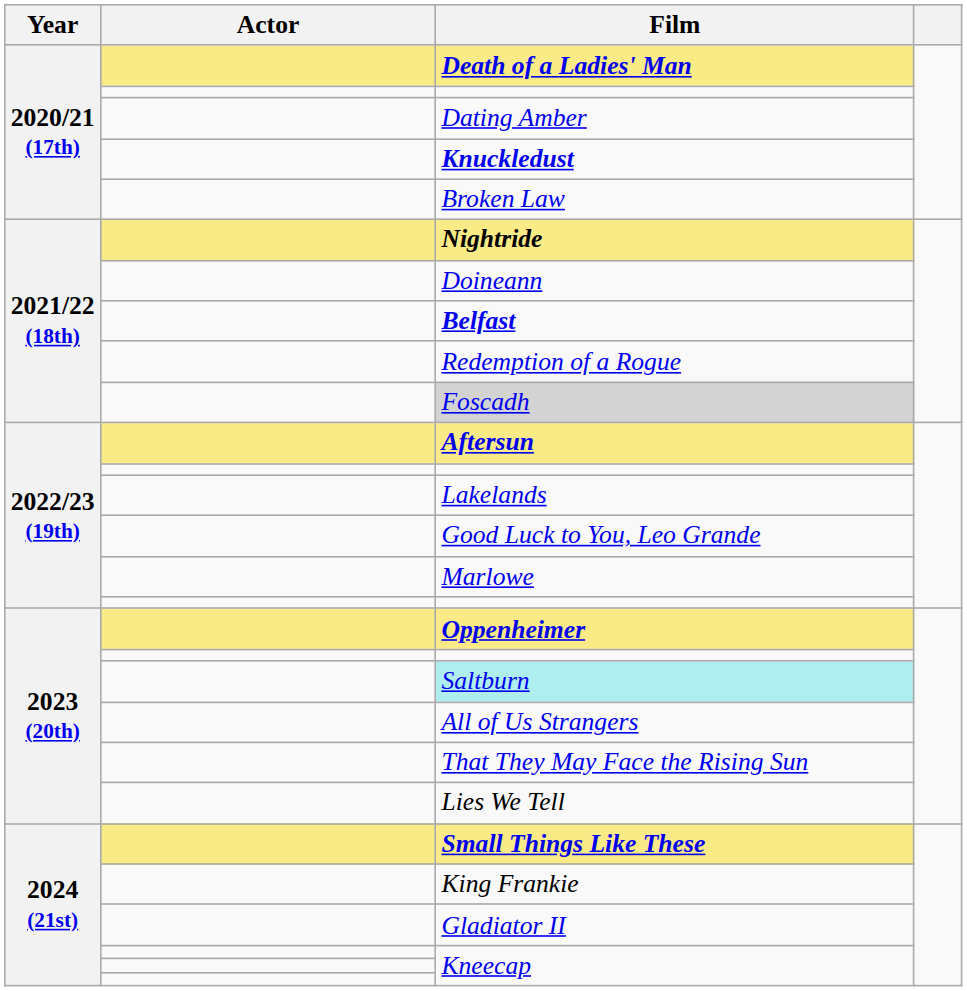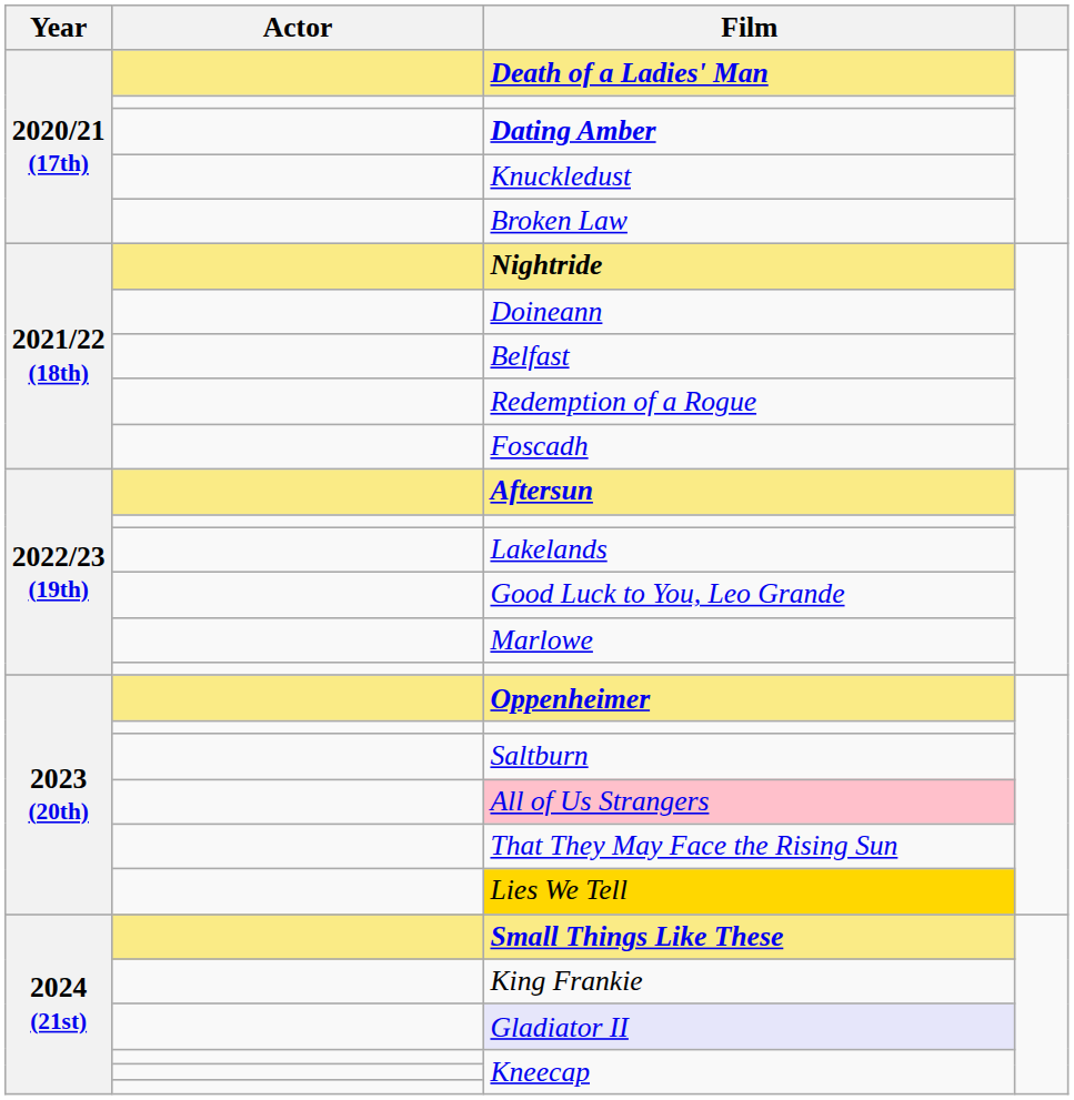 <table class="wikitable sortable">
 <tr>
 <th scope="col" style="width:10%;">Year</th>
 <th scope="col" style="width:35%;">Actor</th>
 <th scope="col" style="width:50%;">Film</th>
 <th scope="col" style="width:5%;" class="unsortable"></th>
 </tr>
 <tr>
 <th scope="row" rowspan=5 style="text-align:center">2020/21<br><small><a href='#'>(17th)</a></small></th>
 <td style="background:#FAEB86;"><strong> </strong></td>
 <td style="background:#FAEB86;"><strong><em><a href='#'>Death of a Ladies' Man</a></em></strong></td>
 <td rowspan=5 style="text-align:center;"></td>
 </tr>
 <tr>
 <td></td>
 <td></td>
 </tr>
 <tr>
 <td></td>
-<td><em><a href='#'>Dating Amber</a></em></td>
+<td><strong><em><a href='#'>Dating Amber</a></em></strong></td>
 </tr>
 <tr>
 <td></td>
-<td><strong><em><a href='#'>Knuckledust</a></em></strong></td>
+<td><em><a href='#'>Knuckledust</a></em></td>
 </tr>
 <tr>
 <td></td>
 <td><em><a href='#'>Broken Law</a></em></td>
 </tr>
 <tr>
 <th scope="row" rowspan=5 style="text-align:center">2021/22<br><small><a href='#'>(18th)</a></small></th>
 <td style="background:#FAEB86;"><strong> </strong></td>
 <td style="background:#FAEB86;"><strong><em>Nightride</em></strong></td>
 <td rowspan=5 style="text-align:center;"></td>
 </tr>
 <tr>
 <td></td>
 <td><em><a href='#'>Doineann</a></em></td>
 </tr>
 <tr>
 <td></td>
-<td><strong><em><a href='#'>Belfast</a></em></strong></td>
+<td><em><a href='#'>Belfast</a></em></td>
 </tr>
 <tr>
 <td></td>
 <td><em><a href='#'>Redemption of a Rogue</a></em></td>
 </tr>
 <tr>
 <td></td>
-<td style="background: lightgrey;"><em><a href='#'>Foscadh</a></em></td>
+<td><em><a href='#'>Foscadh</a></em></td>
 </tr>
 <tr>
 <th scope="row" rowspan=6 style="text-align:center">2022/23<br><small><a href='#'>(19th)</a></small></th>
 <td style="background:#FAEB86;"><strong> </strong></td>
 <td style="background:#FAEB86;"><strong><em><a href='#'>Aftersun</a></em></strong></td>
 <td rowspan=6 style="text-align:center;"></td>
 </tr>
 <tr>
 <td></td>
 <td></td>
 </tr>
 <tr>
 <td></td>
 <td><em><a href='#'>Lakelands</a></em></td>
 </tr>
 <tr>
 <td></td>
 <td><em><a href='#'>Good Luck to You, Leo Grande</a></em></td>
 </tr>
 <tr>
 <td></td>
 <td><em><a href='#'>Marlowe</a></em></td>
 </tr>
 <tr>
 <td></td>
 <td></td>
 </tr>
 <tr>
 <th scope="row" rowspan=6 style="text-align:center">2023<br><small><a href='#'>(20th)</a></small></th>
 <td style="background:#FAEB86;"><strong> </strong></td>
 <td style="background:#FAEB86;"><strong><em><a href='#'>Oppenheimer</a></em></strong></td>
 <td rowspan=6 style="text-align:center;"></td>
 </tr>
 <tr>
 <td></td>
 <td></td>
 </tr>
 <tr>
 <td></td>
-<td style="background: paleturquoise;"><em><a href='#'>Saltburn</a></em></td>
+<td><em><a href='#'>Saltburn</a></em></td>
 </tr>
 <tr>
 <td></td>
-<td><em><a href='#'>All of Us Strangers</a></em></td>
+<td style="background: pink;"><em><a href='#'>All of Us Strangers</a></em></td>
 </tr>
 <tr>
 <td></td>
 <td><em><a href='#'>That They May Face the Rising Sun</a></em></td>
 </tr>
 <tr>
 <td></td>
-<td><em>Lies We Tell</em></td>
+<td style="background: gold;"><em>Lies We Tell</em></td>
 </tr>
 <tr>
 <th scope="row" rowspan=6 style="text-align:center">2024<br><small><a href='#'>(21st)</a></small></th>
 <td style="background:#FAEB86;"><strong> </strong></td>
 <td style="background:#FAEB86;"><strong><em><a href='#'>Small Things Like These</a></em></strong></td>
 <td rowspan=6 style="text-align:center;"></td>
 </tr>
 <tr>
 <td></td>
 <td><em>King Frankie</em></td>
 </tr>
 <tr>
 <td></td>
-<td><em><a href='#'>Gladiator II</a></em></td>
+<td style="background: lavender;"><em><a href='#'>Gladiator II</a></em></td>
 </tr>
 <tr>
 <td></td>
 <td rowspan=3><em><a href='#'>Kneecap</a></em></td>
 </tr>
 <tr>
 <td></td>
 </tr>
 <tr>
 <td></td>
 </tr>
 </table>
